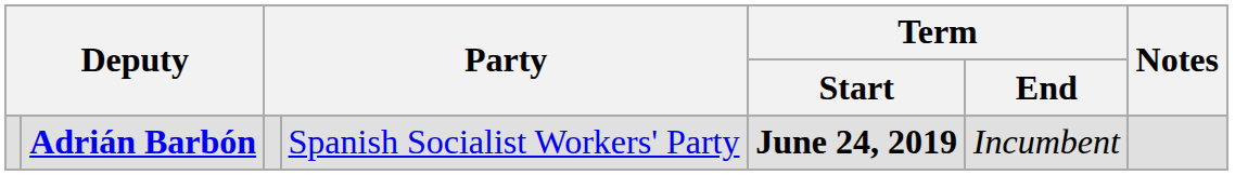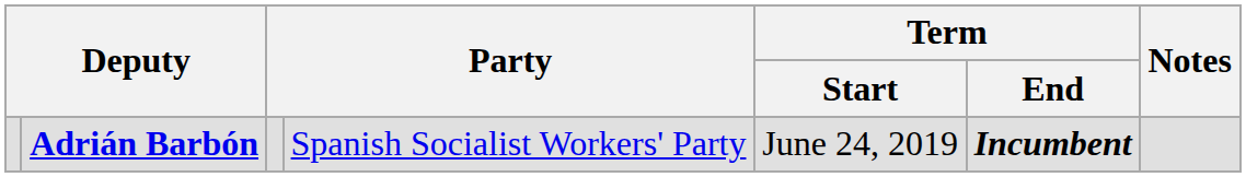 <table class="wikitable sortable" style="text-align:center">
 <tr>
 <th colspan="2" rowspan="2">Deputy</th>
 <th colspan="2" rowspan="2">Party</th>
 <th colspan="2">Term</th>
 <th rowspan="2">Notes</th>
 </tr>
 <tr>
 <th>Start</th>
 <th>End</th>
 </tr>
 <tr style="background:#e0e0e0">
 <td></td>
 <td><strong><a href='#'>Adrián Barbón</a></strong></td>
 <td style="background-color:"></td>
 <td><a href='#'>Spanish Socialist Workers' Party</a></td>
-<td><strong>June 24, 2019</strong></td>
-<td><em>Incumbent</em></td>
+<td>June 24, 2019</td>
+<td><strong><em>Incumbent</em></strong></td>
 <td></td>
 </tr>
 <tr>
 </tr>
 </table>
